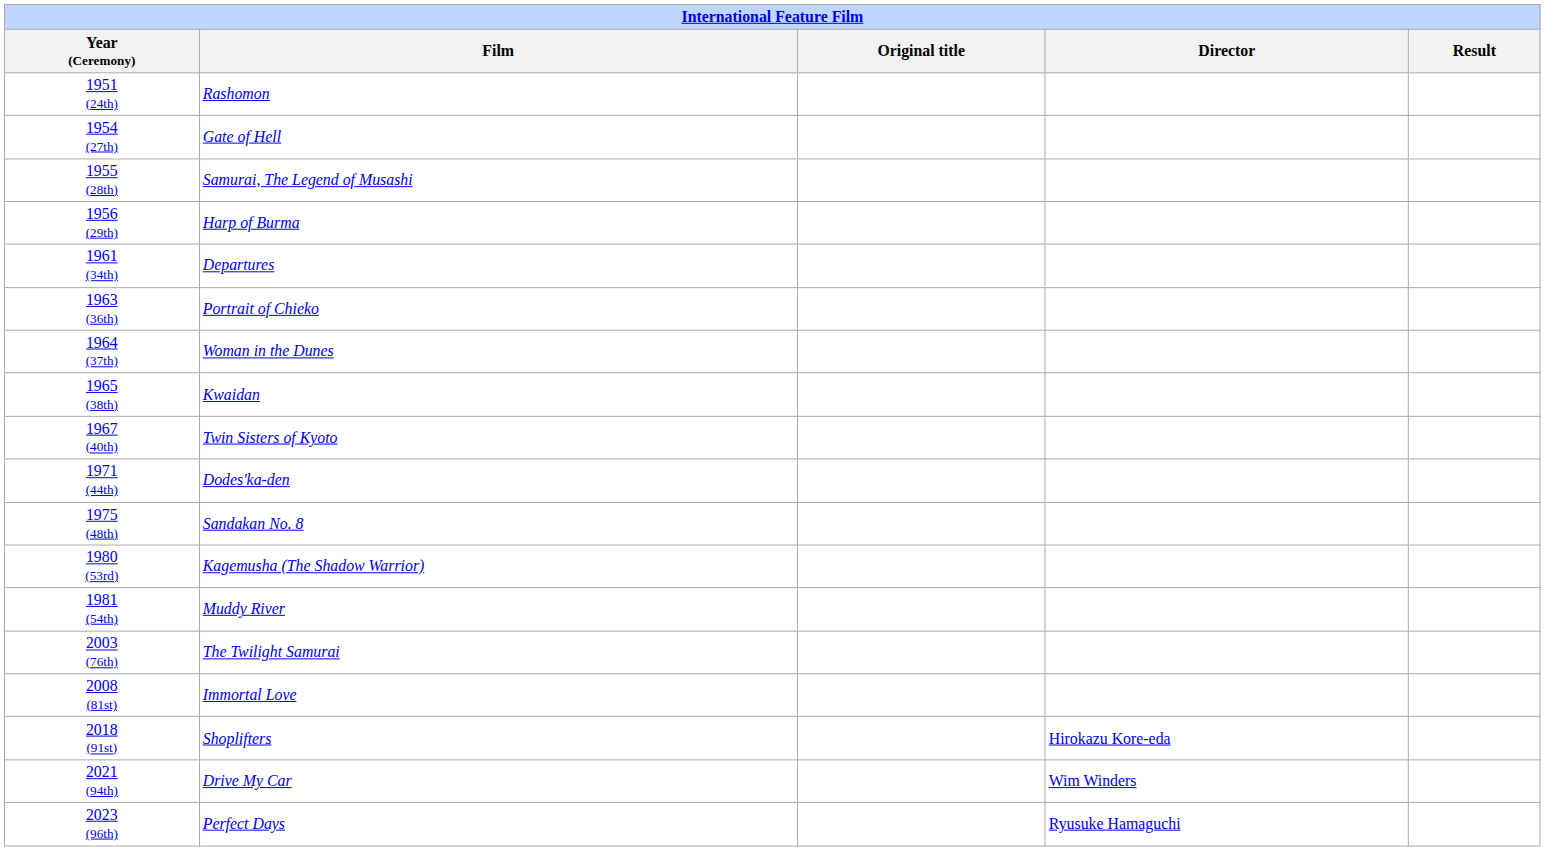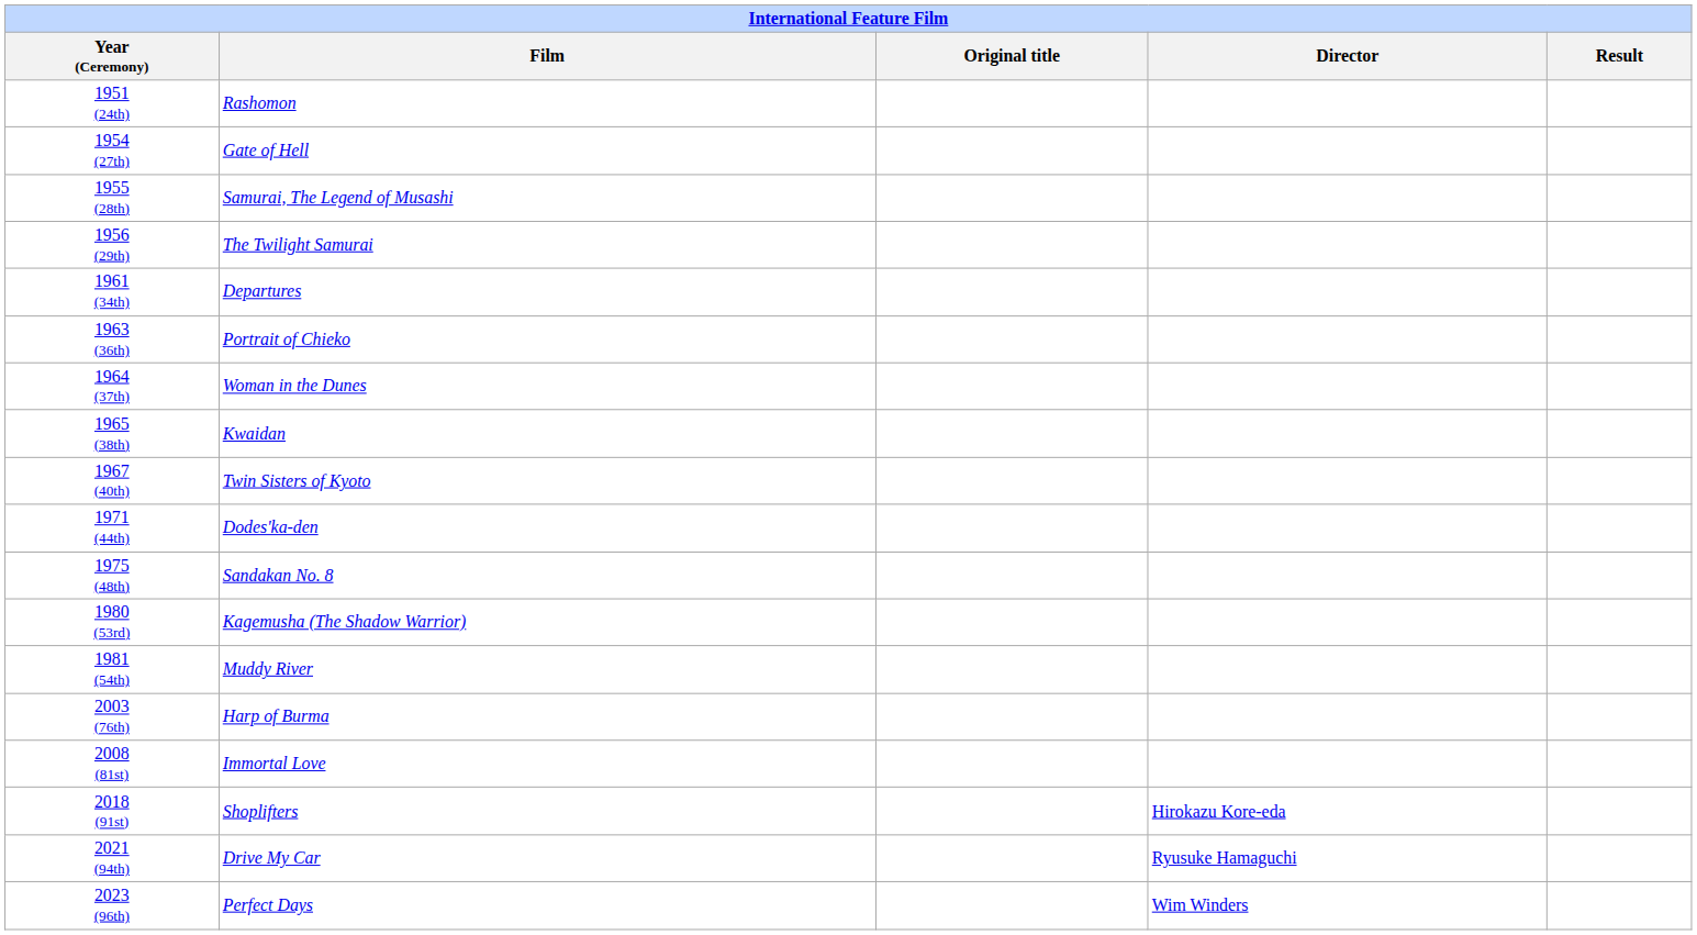 <table class="wikitable sortable" style="width:98%; background:#fff;">
 <tr style="background:#bfd7ff;">
 <td colspan="6" style="text-align:center;"><strong><a href='#'>International Feature Film</a></strong></td>
 </tr>
 <tr>
 <th>Year<br><small>(Ceremony)</small></th>
 <th>Film</th>
 <th>Original title</th>
 <th>Director</th>
 <th>Result</th>
 </tr>
 <tr>
 <td style="text-align:center;"><a href='#'>1951</a><br><small><a href='#'>(24th)</a></small></td>
 <td><em><a href='#'>Rashomon</a></em></td>
 <td></td>
 <td></td>
 <td></td>
 </tr>
 <tr>
 <td style="text-align:center;"><a href='#'>1954</a><br><small><a href='#'>(27th)</a></small></td>
 <td><em><a href='#'>Gate of Hell</a></em></td>
 <td></td>
 <td></td>
 <td></td>
 </tr>
 <tr>
 <td style="text-align:center;"><a href='#'>1955</a><br><small><a href='#'>(28th)</a></small></td>
 <td><em><a href='#'>Samurai, The Legend of Musashi</a></em></td>
 <td></td>
 <td></td>
 <td></td>
 </tr>
 <tr>
 <td style="text-align:center;"><a href='#'>1956</a><br><small><a href='#'>(29th)</a></small></td>
-<td><em><a href='#'>Harp of Burma</a></em></td>
+<td><em><a href='#'>The Twilight Samurai</a></em></td>
 <td></td>
 <td></td>
 <td></td>
 </tr>
 <tr>
 <td style="text-align:center;"><a href='#'>1961</a><br><small><a href='#'>(34th)</a></small></td>
 <td><em><a href='#'>Departures</a></em></td>
 <td></td>
 <td></td>
 <td></td>
 </tr>
 <tr>
 <td style="text-align:center;"><a href='#'>1963</a><br><small><a href='#'>(36th)</a></small></td>
 <td><em><a href='#'>Portrait of Chieko</a></em></td>
 <td></td>
 <td></td>
 <td></td>
 </tr>
 <tr>
 <td style="text-align:center;"><a href='#'>1964</a><br><small><a href='#'>(37th)</a></small></td>
 <td><em><a href='#'>Woman in the Dunes</a></em></td>
 <td></td>
 <td></td>
 <td></td>
 </tr>
 <tr>
 <td style="text-align:center;"><a href='#'>1965</a><br><small><a href='#'>(38th)</a></small></td>
 <td><em><a href='#'>Kwaidan</a></em></td>
 <td></td>
 <td></td>
 <td></td>
 </tr>
 <tr>
 <td style="text-align:center;"><a href='#'>1967</a><br><small><a href='#'>(40th)</a></small></td>
 <td><em><a href='#'>Twin Sisters of Kyoto</a></em></td>
 <td></td>
 <td></td>
 <td></td>
 </tr>
 <tr>
 <td style="text-align:center;"><a href='#'>1971</a><br><small><a href='#'>(44th)</a></small></td>
 <td><em><a href='#'>Dodes'ka-den</a></em></td>
 <td></td>
 <td></td>
 <td></td>
 </tr>
 <tr>
 <td style="text-align:center;"><a href='#'>1975</a><br><small><a href='#'>(48th)</a></small></td>
 <td><em><a href='#'>Sandakan No. 8</a></em></td>
 <td></td>
 <td></td>
 <td></td>
 </tr>
 <tr>
 <td style="text-align:center;"><a href='#'>1980</a><br><small><a href='#'>(53rd)</a></small></td>
 <td><em><a href='#'>Kagemusha (The Shadow Warrior)</a></em></td>
 <td></td>
 <td></td>
 <td></td>
 </tr>
 <tr>
 <td style="text-align:center;"><a href='#'>1981</a><br><small><a href='#'>(54th)</a></small></td>
 <td><em><a href='#'>Muddy River</a></em></td>
 <td></td>
 <td></td>
 <td></td>
 </tr>
 <tr>
 <td style="text-align:center;"><a href='#'>2003</a><br><small><a href='#'>(76th)</a></small></td>
-<td><em><a href='#'>The Twilight Samurai</a></em></td>
+<td><em><a href='#'>Harp of Burma</a></em></td>
 <td></td>
 <td></td>
 <td></td>
 </tr>
 <tr>
 <td style="text-align:center;"><a href='#'>2008</a><br><small><a href='#'>(81st)</a></small></td>
 <td><em><a href='#'>Immortal Love</a></em></td>
 <td></td>
 <td></td>
 <td></td>
 </tr>
 <tr>
 <td style="text-align:center;"><a href='#'>2018</a><br><small><a href='#'>(91st)</a></small></td>
 <td><em><a href='#'>Shoplifters</a></em></td>
 <td></td>
 <td><a href='#'>Hirokazu Kore-eda</a></td>
 <td></td>
 </tr>
 <tr>
 <td style="text-align:center;"><a href='#'>2021</a><br><small><a href='#'>(94th)</a></small></td>
 <td><em><a href='#'>Drive My Car</a></em></td>
 <td></td>
-<td><a href='#'>Wim Winders</a></td>
+<td><a href='#'>Ryusuke Hamaguchi</a></td>
 <td></td>
 </tr>
 <tr>
 <td style="text-align:center;"><a href='#'>2023</a><br><small><a href='#'>(96th)</a></small></td>
 <td><em><a href='#'>Perfect Days</a></em></td>
 <td></td>
-<td><a href='#'>Ryusuke Hamaguchi</a></td>
+<td><a href='#'>Wim Winders</a></td>
 <td></td>
 </tr>
 </table>
